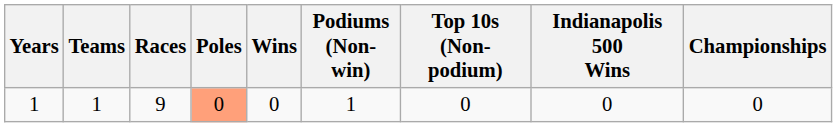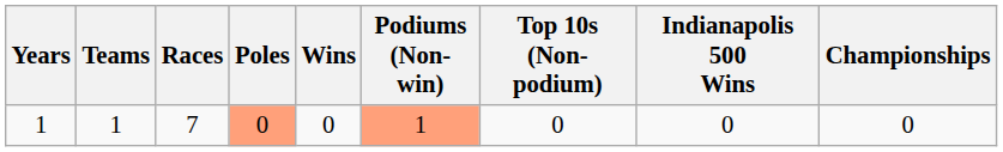 <table class="wikitable" style="text-align:center; font-size:95%">
 <tr>
 <th>Years</th>
 <th>Teams</th>
 <th>Races</th>
 <th>Poles</th>
 <th>Wins</th>
 <th>Podiums<br>(Non-win)</th>
 <th>Top 10s<br>(Non-podium)</th>
 <th>Indianapolis 500<br>Wins</th>
 <th>Championships</th>
 </tr>
 <tr>
 <td>1</td>
 <td>1</td>
-<td>9</td>
+<td>7</td>
 <td style="background: lightsalmon;">0</td>
 <td>0</td>
-<td>1</td>
+<td style="background: lightsalmon;">1</td>
 <td>0</td>
 <td>0</td>
 <td>0</td>
 </tr>
 </table>
